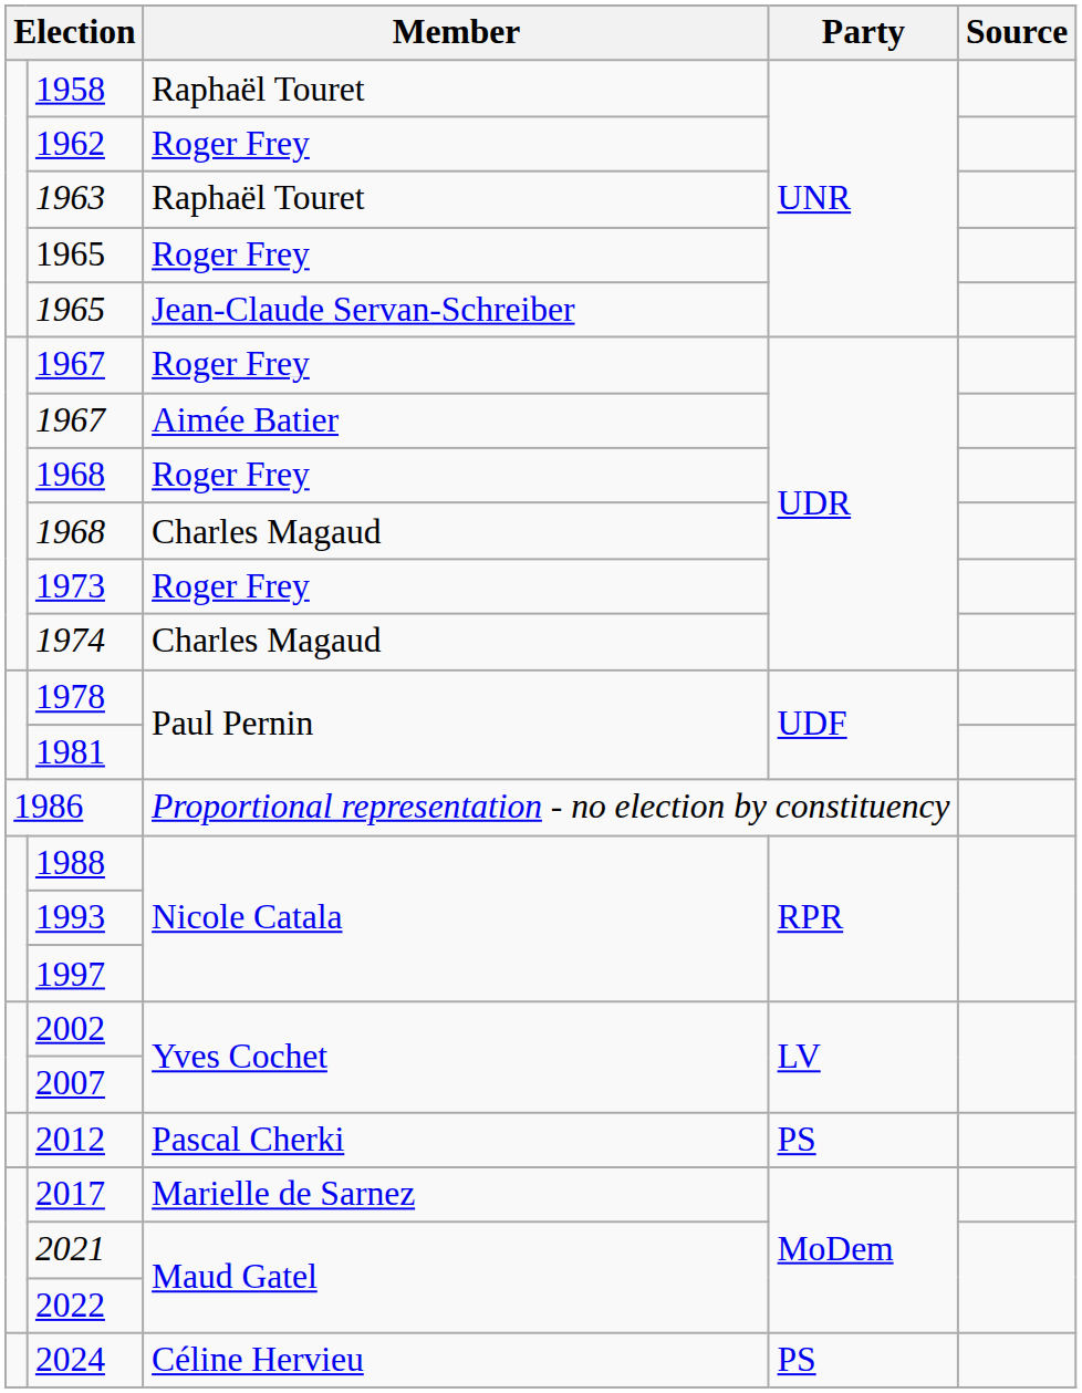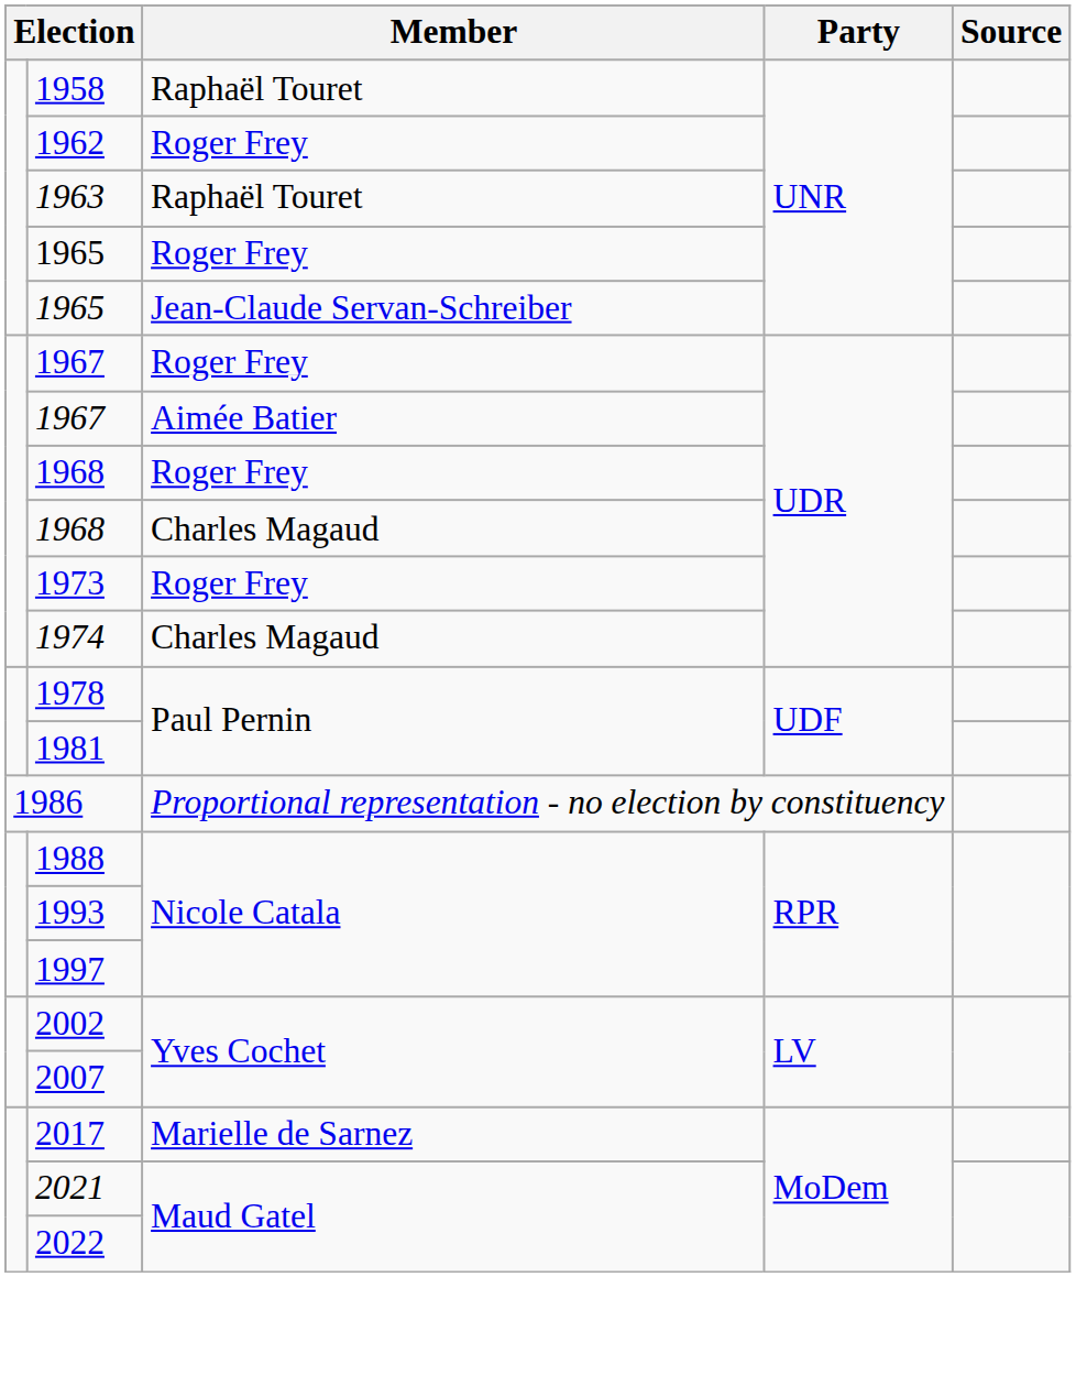 <table class="wikitable">
 <tr>
 <th colspan="2">Election</th>
 <th>Member</th>
 <th>Party</th>
 <th>Source</th>
 </tr>
 <tr>
 <td rowspan="5" style="color:inherit;background-color: "></td>
 <td><a href='#'>1958</a></td>
 <td>Raphaël Touret</td>
 <td rowspan="5"><a href='#'>UNR</a></td>
 <td></td>
 </tr>
 <tr>
 <td><a href='#'>1962</a></td>
 <td><a href='#'>Roger Frey</a></td>
 <td></td>
 </tr>
 <tr>
 <td><em>1963</em></td>
 <td>Raphaël Touret</td>
 <td></td>
 </tr>
 <tr>
 <td>1965</td>
 <td><a href='#'>Roger Frey</a></td>
 <td></td>
 </tr>
 <tr>
 <td><em>1965</em></td>
 <td><a href='#'>Jean-Claude Servan-Schreiber</a></td>
 <td></td>
 </tr>
 <tr>
 <td rowspan="6" style="color:inherit;background-color: "></td>
 <td><a href='#'>1967</a></td>
 <td><a href='#'>Roger Frey</a></td>
 <td rowspan="6"><a href='#'>UDR</a></td>
 <td></td>
 </tr>
 <tr>
 <td><em>1967</em></td>
 <td><a href='#'>Aimée Batier</a></td>
 <td></td>
 </tr>
 <tr>
 <td><a href='#'>1968</a></td>
 <td><a href='#'>Roger Frey</a></td>
 <td></td>
 </tr>
 <tr>
 <td><em>1968</em></td>
 <td>Charles Magaud</td>
 <td></td>
 </tr>
 <tr>
 <td><a href='#'>1973</a></td>
 <td><a href='#'>Roger Frey</a></td>
 <td></td>
 </tr>
 <tr>
 <td><em>1974</em></td>
 <td>Charles Magaud</td>
 <td></td>
 </tr>
 <tr>
 <td rowspan="2" style="color:inherit;background-color: "></td>
 <td><a href='#'>1978</a></td>
 <td rowspan="2">Paul Pernin</td>
 <td rowspan="2"><a href='#'>UDF</a></td>
 <td></td>
 </tr>
 <tr>
 <td><a href='#'>1981</a></td>
 <td></td>
 </tr>
 <tr>
 <td colspan="2"><a href='#'>1986</a></td>
 <td colspan="2"><em><a href='#'>Proportional representation</a> - no election by constituency</em></td>
 <td></td>
 </tr>
 <tr>
 <td rowspan="3" style="color:inherit;background-color: "></td>
 <td><a href='#'>1988</a></td>
 <td rowspan="3"><a href='#'>Nicole Catala</a></td>
 <td rowspan="3"><a href='#'>RPR</a></td>
 <td rowspan="3"></td>
 </tr>
 <tr>
 <td><a href='#'>1993</a></td>
 </tr>
 <tr>
 <td><a href='#'>1997</a></td>
 </tr>
 <tr>
 <td rowspan="2" style="color:inherit;background-color: "></td>
 <td><a href='#'>2002</a></td>
 <td rowspan="2"><a href='#'>Yves Cochet</a></td>
 <td rowspan="2"><a href='#'>LV</a></td>
 <td rowspan="2"></td>
 </tr>
 <tr>
 <td><a href='#'>2007</a></td>
 </tr>
 <tr>
-<td style="color:inherit;background-color: "></td>
-<td><a href='#'>2012</a></td>
-<td><a href='#'>Pascal Cherki</a></td>
-<td><a href='#'>PS</a></td>
-<td></td>
-</tr>
-<tr>
 <td rowspan="3" style="color:inherit;background:"></td>
 <td><a href='#'>2017</a></td>
 <td><a href='#'>Marielle de Sarnez</a></td>
 <td rowspan="3"><a href='#'>MoDem</a></td>
 <td></td>
 </tr>
 <tr>
 <td><em>2021</em></td>
 <td rowspan="2"><a href='#'>Maud Gatel</a></td>
 <td rowspan="2"></td>
 </tr>
 <tr>
 <td><a href='#'>2022</a></td>
 </tr>
-<tr>
-<td style="color:inherit;background-color: "></td>
-<td><a href='#'>2024</a></td>
-<td><a href='#'>Céline Hervieu</a></td>
-<td><a href='#'>PS</a></td>
-<td></td>
-</tr>
 </table>
